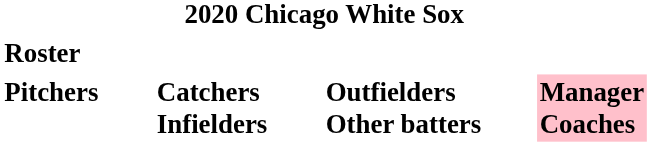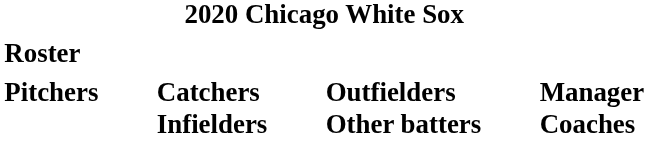 <table class="toccolours" style="font-size: 95%;">
 <tr>
 <th colspan="10">2020 Chicago White Sox</th>
 </tr>
 <tr>
 <td colspan="10"><strong>Roster</strong></td>
 </tr>
 <tr>
 <td valign="top"><strong>Pitchers</strong><br>                          </td>
 <td style="width:25px;"></td>
 <td valign="top"><strong>Catchers</strong><br>   <strong>Infielders</strong>         </td>
 <td style="width:25px;"></td>
 <td valign="top"><strong>Outfielders</strong><br>       <strong>Other batters</strong>  </td>
 <td style="width:25px;"></td>
-<td valign="top" style="background: pink;"><strong>Manager</strong><br> <strong>Coaches</strong>                   </td>
+<td valign="top"><strong>Manager</strong><br> <strong>Coaches</strong>                   </td>
 </tr>
 </table>
